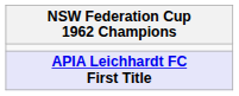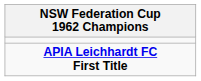 <table class="wikitable" style="text-align: center; margin: 0 auto; width: 20%">
 <tr>
 <th>NSW Federation Cup<br>1962 Champions</th>
 </tr>
 <tr>
 <td></td>
 </tr>
 <tr>
-<td style="background: lavender;"><strong><a href='#'>APIA Leichhardt FC</a></strong><br><strong>First Title</strong></td>
+<td><strong><a href='#'>APIA Leichhardt FC</a></strong><br><strong>First Title</strong></td>
 </tr>
 </table>
